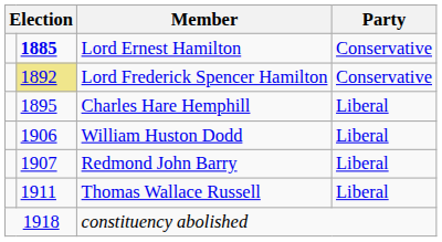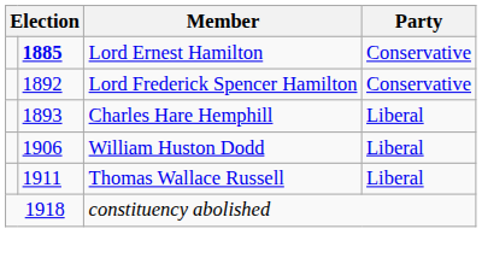 <table class="wikitable">
 <tr>
 <th colspan="2">Election</th>
 <th>Member</th>
 <th>Party</th>
 </tr>
 <tr>
 <td style="color:inherit;background-color: "></td>
 <td><strong><a href='#'>1885</a></strong></td>
 <td><a href='#'>Lord Ernest Hamilton</a></td>
 <td><a href='#'>Conservative</a></td>
 </tr>
 <tr>
 <td style="color:inherit;background-color: "></td>
-<td style="background: khaki;"><a href='#'>1892</a></td>
+<td><a href='#'>1892</a></td>
 <td><a href='#'>Lord Frederick Spencer Hamilton</a></td>
 <td><a href='#'>Conservative</a></td>
 </tr>
 <tr>
 <td style="color:inherit;background-color: "></td>
-<td><a href='#'>1895</a></td>
+<td><a href='#'>1893</a></td>
 <td><a href='#'>Charles Hare Hemphill</a></td>
 <td><a href='#'>Liberal</a></td>
 </tr>
 <tr>
 <td style="color:inherit;background-color: "></td>
 <td><a href='#'>1906</a></td>
 <td><a href='#'>William Huston Dodd</a></td>
-<td><a href='#'>Liberal</a></td>
-</tr>
-<tr>
-<td style="color:inherit;background-color: "></td>
-<td><a href='#'>1907</a></td>
-<td><a href='#'>Redmond John Barry</a></td>
 <td><a href='#'>Liberal</a></td>
 </tr>
 <tr>
 <td style="color:inherit;background-color: "></td>
 <td><a href='#'>1911</a></td>
 <td><a href='#'>Thomas Wallace Russell</a></td>
 <td><a href='#'>Liberal</a></td>
 </tr>
 <tr>
 <td colspan="2" align="center"><a href='#'>1918</a></td>
 <td colspan="2"><em>constituency abolished</em></td>
 </tr>
 </table>
